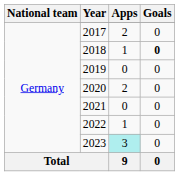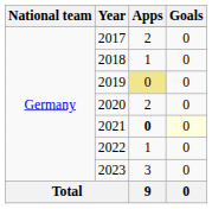 <table class="wikitable" style="text-align:center">
 <tr>
 <th>National team</th>
 <th>Year</th>
 <th>Apps</th>
 <th>Goals</th>
 </tr>
 <tr>
 <td rowspan="8"><a href='#'>Germany</a></td>
 </tr>
 <tr>
 <td>2017</td>
 <td>2</td>
 <td>0</td>
 </tr>
 <tr>
 <td>2018</td>
 <td>1</td>
-<td><strong>0</strong></td>
+<td>0</td>
 </tr>
 <tr>
 <td>2019</td>
-<td>0</td>
+<td style="background: khaki;">0</td>
 <td>0</td>
 </tr>
 <tr>
 <td>2020</td>
 <td>2</td>
 <td>0</td>
 </tr>
 <tr>
 <td>2021</td>
-<td>0</td>
-<td>0</td>
+<td><strong>0</strong></td>
+<td style="background: lightyellow;">0</td>
 </tr>
 <tr>
 <td>2022</td>
 <td>1</td>
 <td>0</td>
 </tr>
 <tr>
 <td>2023</td>
-<td style="background: paleturquoise;">3</td>
+<td>3</td>
 <td>0</td>
 </tr>
 <tr>
 <th colspan="2">Total</th>
 <th>9</th>
 <th>0</th>
 </tr>
 </table>
